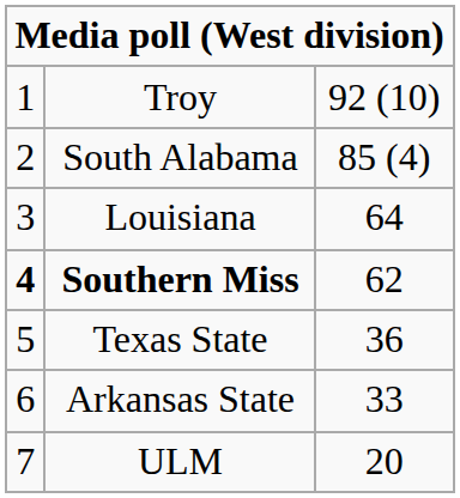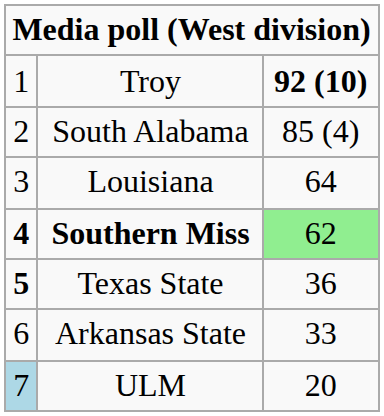 <table class="wikitable" style="display: inline-table;">
 <tr>
 <td align="center" Colspan="3"><strong>Media poll (West division)</strong></td>
 </tr>
 <tr align="center">
 </tr>
 <tr align="center">
 <td>1</td>
 <td>Troy</td>
-<td>92 (10)</td>
+<td><strong>92 (10)</strong></td>
 </tr>
 <tr align="center">
 <td>2</td>
 <td>South Alabama</td>
 <td>85 (4)</td>
 </tr>
 <tr align="center">
 <td>3</td>
 <td>Louisiana</td>
 <td>64</td>
 </tr>
 <tr align="center">
 <td><strong>4</strong></td>
 <td><strong>Southern Miss</strong></td>
-<td>62</td>
+<td style="background: lightgreen;">62</td>
 </tr>
 <tr align="center">
-<td>5</td>
+<td><strong>5</strong></td>
 <td>Texas State</td>
 <td>36</td>
 </tr>
 <tr align="center">
 <td>6</td>
 <td>Arkansas State</td>
 <td>33</td>
 </tr>
 <tr align="center">
-<td>7</td>
+<td style="background: lightblue;">7</td>
 <td>ULM</td>
 <td>20</td>
 </tr>
 </table>
